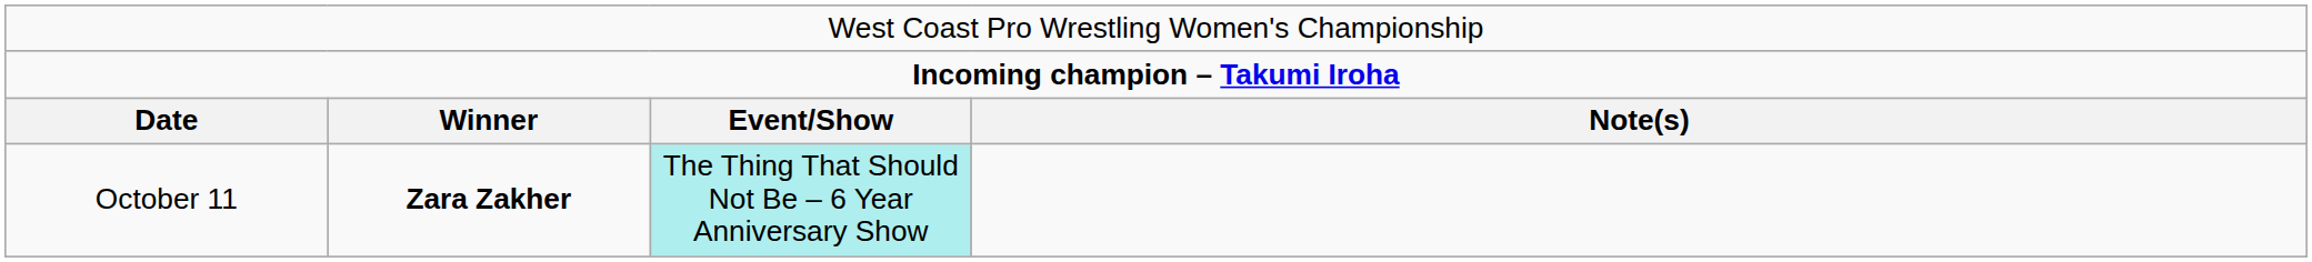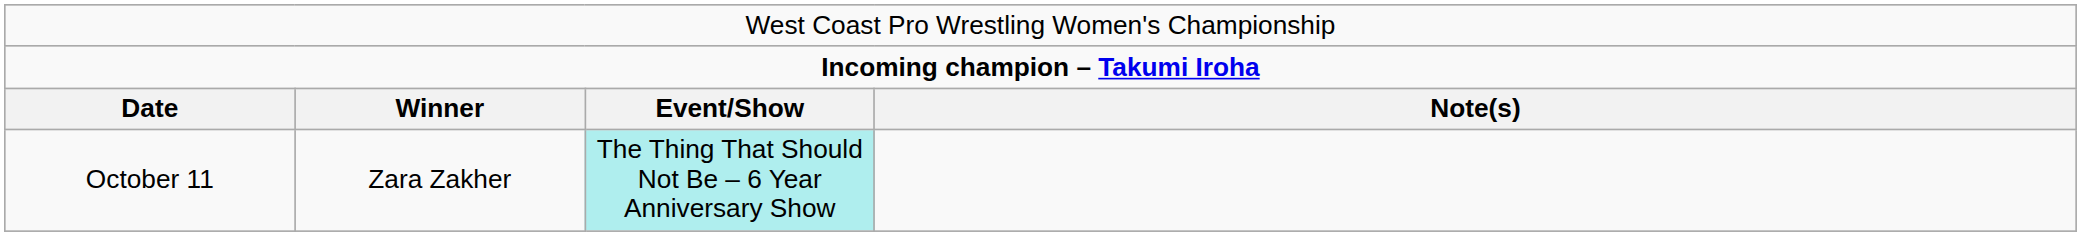 <table class="wikitable" style="text-align:center; width:100%;">
 <tr>
 <td colspan="4" style="text-align: center;">West Coast Pro Wrestling Women's Championship</td>
 </tr>
 <tr>
 <td colspan="4" style="text-align: center;"><strong>Incoming champion – <a href='#'>Takumi Iroha</a></strong></td>
 </tr>
 <tr>
 <th width=14%>Date</th>
 <th width=14%>Winner</th>
 <th width=14%>Event/Show</th>
 <th width=58%>Note(s)</th>
 </tr>
 <tr>
 <td>October 11</td>
-<td><strong>Zara Zakher</strong></td>
+<td>Zara Zakher</td>
 <td style="background: paleturquoise;">The Thing That Should Not Be – 6 Year Anniversary Show</td>
 <td></td>
 </tr>
 </table>
